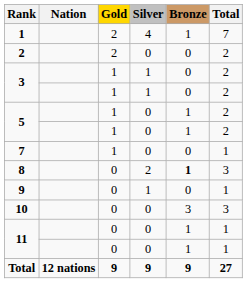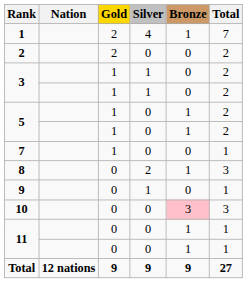 <table class="wikitable plainrowheaders" style="text-align:center;">
 <tr>
 <th>Rank</th>
 <th>Nation</th>
 <th style="background:    gold;">Gold</th>
 <th style="background:  silver;">Silver</th>
 <th style="background: #CC9966;">Bronze</th>
 <th>Total</th>
 </tr>
 <tr>
 <td><strong>1</strong></td>
 <td align=left></td>
 <td>2</td>
 <td>4</td>
 <td>1</td>
 <td>7</td>
 </tr>
 <tr>
 <td><strong>2</strong></td>
 <td align=left></td>
 <td>2</td>
 <td>0</td>
 <td>0</td>
 <td>2</td>
 </tr>
 <tr>
 <td rowspan=2><strong>3</strong></td>
 <td align=left></td>
 <td>1</td>
 <td>1</td>
 <td>0</td>
 <td>2</td>
 </tr>
 <tr>
 <td align=left></td>
 <td>1</td>
 <td>1</td>
 <td>0</td>
 <td>2</td>
 </tr>
 <tr>
 <td rowspan=2><strong>5</strong></td>
 <td align=left></td>
 <td>1</td>
 <td>0</td>
 <td>1</td>
 <td>2</td>
 </tr>
 <tr>
 <td align=left><em></em></td>
 <td>1</td>
 <td>0</td>
 <td>1</td>
 <td>2</td>
 </tr>
 <tr>
 <td><strong>7</strong></td>
 <td align=left></td>
 <td>1</td>
 <td>0</td>
 <td>0</td>
 <td>1</td>
 </tr>
 <tr>
 <td><strong>8</strong></td>
 <td align=left></td>
 <td>0</td>
 <td>2</td>
-<td><strong>1</strong></td>
+<td>1</td>
 <td>3</td>
 </tr>
 <tr>
 <td><strong>9</strong></td>
 <td align=left></td>
 <td>0</td>
 <td>1</td>
 <td>0</td>
 <td>1</td>
 </tr>
 <tr>
 <td><strong>10</strong></td>
 <td align=left></td>
 <td>0</td>
 <td>0</td>
-<td>3</td>
+<td style="background: pink;">3</td>
 <td>3</td>
 </tr>
 <tr>
 <td rowspan=2><strong>11</strong></td>
 <td align=left></td>
 <td>0</td>
 <td>0</td>
 <td>1</td>
 <td>1</td>
 </tr>
 <tr>
 <td align=left></td>
 <td>0</td>
 <td>0</td>
 <td>1</td>
 <td>1</td>
 </tr>
 <tr>
 <td><strong>Total</strong></td>
 <td><strong>12 nations</strong></td>
 <td><strong>9</strong></td>
 <td><strong>9</strong></td>
 <td><strong>9</strong></td>
 <td><strong>27</strong></td>
 </tr>
 </table>
